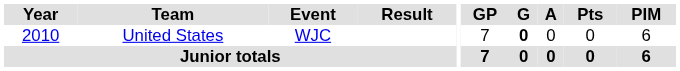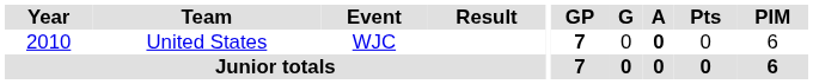 <table border="0" cellpadding="1" cellspacing="0" ID="Table3" style="text-align:center; width:40em">
 <tr ALIGN="center" bgcolor="#e0e0e0">
 <th>Year</th>
 <th>Team</th>
 <th>Event</th>
 <th>Result</th>
 <th rowspan="99" bgcolor="#ffffff"></th>
 <th>GP</th>
 <th>G</th>
 <th>A</th>
 <th>Pts</th>
 <th>PIM</th>
 </tr>
 <tr ALIGN="center">
 <td><a href='#'>2010</a></td>
 <td><a href='#'>United States</a></td>
 <td><a href='#'>WJC</a></td>
 <td></td>
-<td>7</td>
+<td><strong>7</strong></td>
+<td>0</td>
 <td><strong>0</strong></td>
-<td>0</td>
 <td>0</td>
 <td>6</td>
 </tr>
 <tr bgcolor="#e0e0e0">
 <th colspan="4">Junior totals</th>
 <th>7</th>
 <th>0</th>
 <th>0</th>
 <th>0</th>
 <th>6</th>
 </tr>
 </table>
